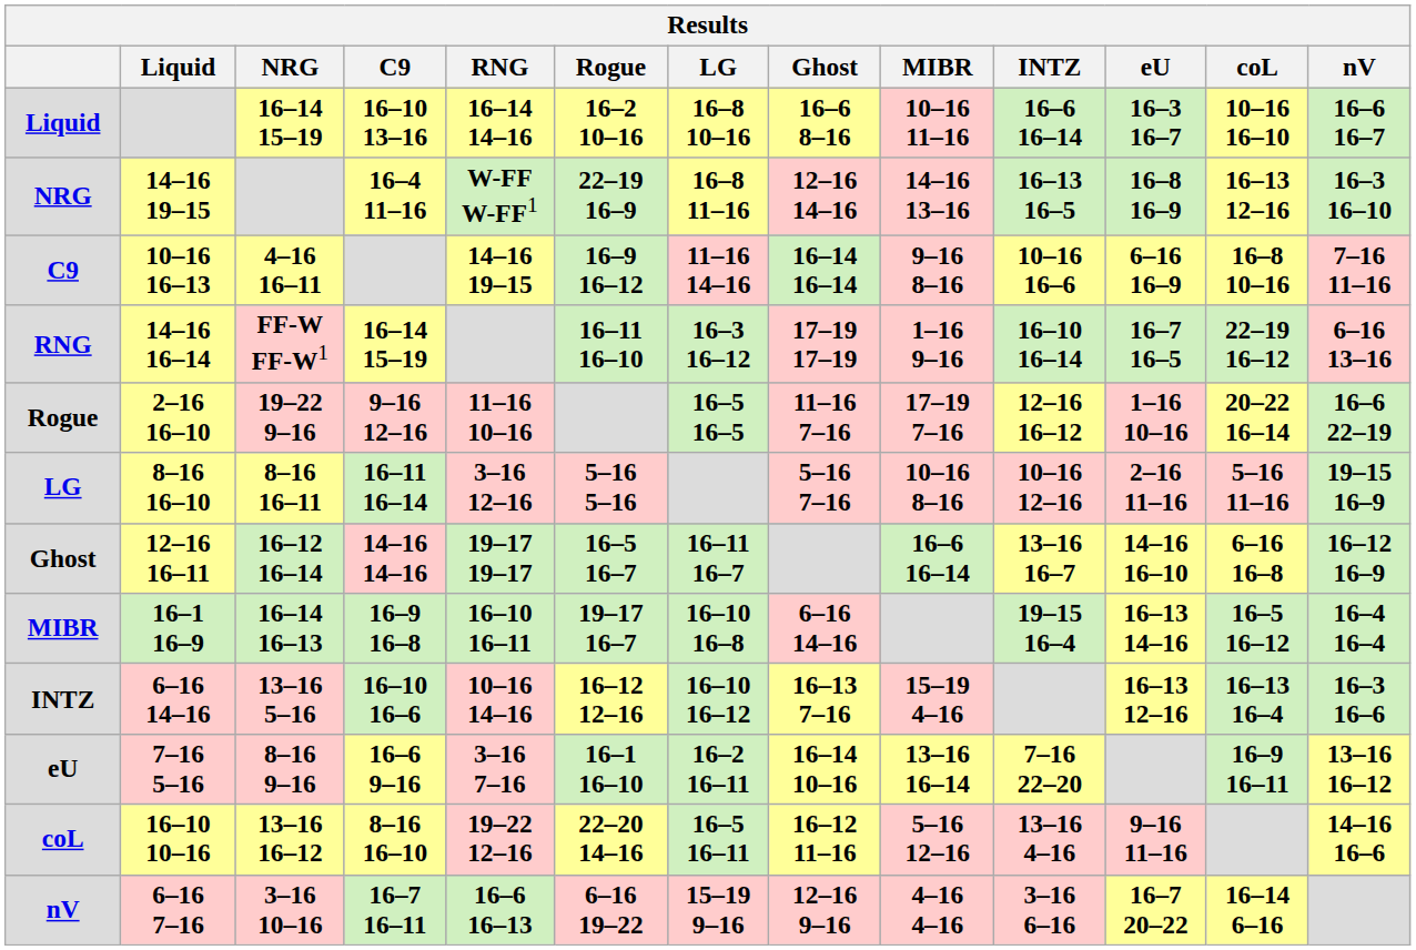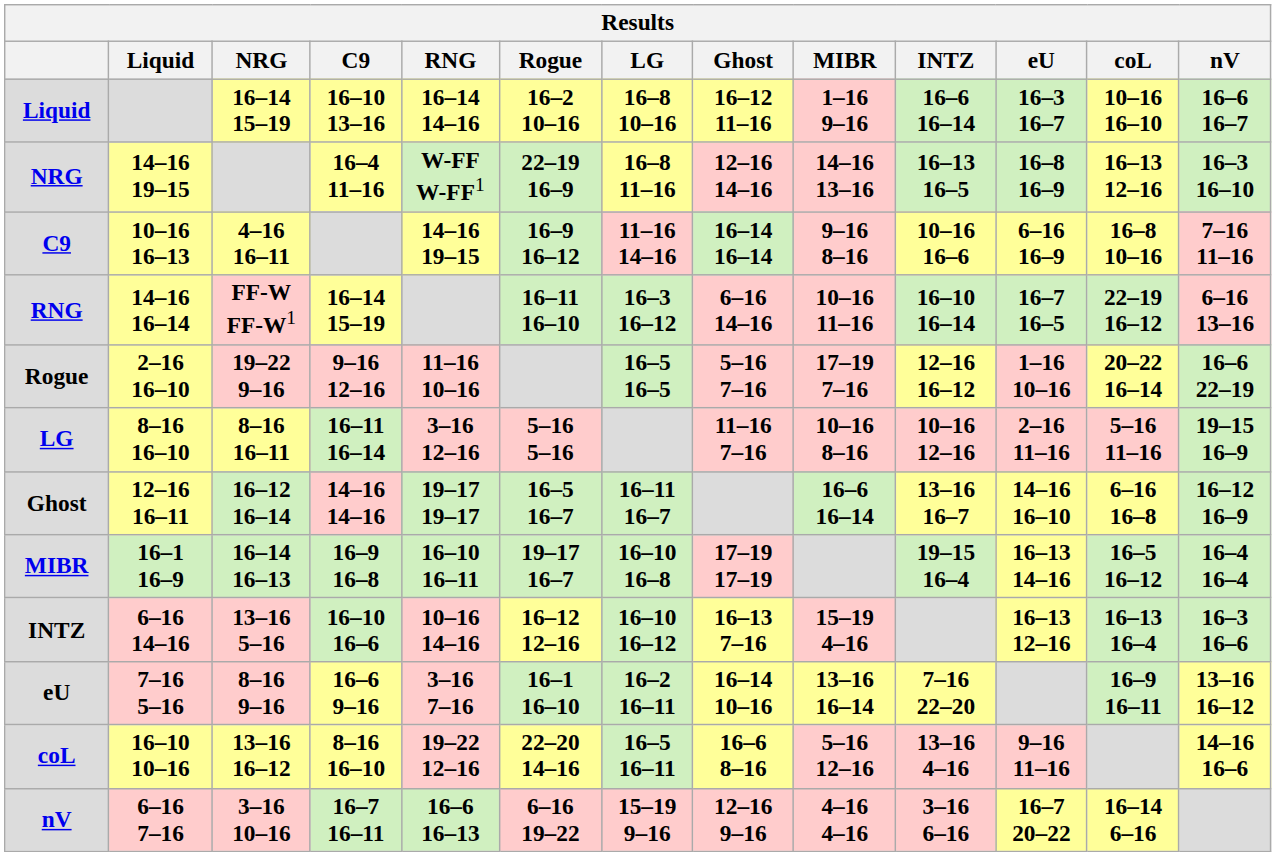 <table class="wikitable" style="text-align: center;">
 <tr>
 <th colspan=15>Results</th>
 </tr>
 <tr>
 <th width="75px"></th>
 <th width="75px">Liquid</th>
 <th width="75px">NRG</th>
 <th width="75px">C9</th>
 <th width="75px">RNG</th>
 <th width="75px">Rogue</th>
 <th width="75px">LG</th>
 <th width="75px">Ghost</th>
 <th width="75px">MIBR</th>
 <th width="75px">INTZ</th>
 <th width="75px">eU</th>
 <th width="75px">coL</th>
 <th width="75px">nV</th>
 </tr>
 <tr>
 <td style="background: #DCDCDC;"><strong><a href='#'>Liquid</a></strong></td>
 <td style="background: #DCDCDC;"></td>
 <td style="background: #FFFF99;"><strong>16–14<br>15–19</strong></td>
 <td style="background: #FFFF99;"><strong>16–10<br>13–16</strong></td>
 <td style="background: #FFFF99;"><strong>16–14<br>14–16</strong></td>
 <td style="background: #FFFF99;"><strong>16–2<br>10–16</strong></td>
 <td style="background: #FFFF99;"><strong>16–8<br>10–16</strong></td>
-<td style="background: #FFFF99;"><strong>16–6<br>8–16</strong></td>
-<td style="background: #FFCCCC;"><strong>10–16<br>11–16</strong></td>
+<td style="background: #FFFF99;"><strong>16–12<br>11–16</strong></td>
+<td style="background: #FFCCCC;"><strong>1–16<br>9–16</strong></td>
 <td style="background: #D0F0C0;"><strong>16–6<br>16–14</strong></td>
 <td style="background: #D0F0C0;"><strong>16–3<br>16–7</strong></td>
 <td style="background: #FFFF99;"><strong>10–16<br>16–10</strong></td>
 <td style="background: #D0F0C0;"><strong>16–6<br>16–7</strong></td>
 </tr>
 <tr>
 <td style="background: #DCDCDC;"><strong><a href='#'>NRG</a></strong></td>
 <td style="background: #FFFF99;"><strong>14–16<br>19–15</strong></td>
 <td style="background: #DCDCDC;"></td>
 <td style="background: #FFFF99;"><strong>16–4<br>11–16</strong></td>
 <td style="background: #D0F0C0;"><strong>W-FF<br>W-FF</strong><sup>1</sup></td>
 <td style="background: #D0F0C0;"><strong>22–19<br>16–9</strong></td>
 <td style="background: #FFFF99;"><strong>16–8<br>11–16</strong></td>
 <td style="background: #FFCCCC;"><strong>12–16<br>14–16</strong></td>
 <td style="background: #FFCCCC;"><strong>14–16<br>13–16</strong></td>
 <td style="background: #D0F0C0;"><strong>16–13<br>16–5</strong></td>
 <td style="background: #D0F0C0;"><strong>16–8<br>16–9</strong></td>
 <td style="background: #FFFF99;"><strong>16–13<br>12–16</strong></td>
 <td style="background: #D0F0C0;"><strong>16–3<br>16–10</strong></td>
 </tr>
 <tr>
 <td style="background: #DCDCDC;"><strong><a href='#'>C9</a></strong></td>
 <td style="background: #FFFF99;"><strong>10–16<br>16–13</strong></td>
 <td style="background: #FFFF99;"><strong>4–16<br>16–11</strong></td>
 <td style="background: #DCDCDC;"></td>
 <td style="background: #FFFF99;"><strong>14–16<br>19–15</strong></td>
 <td style="background: #D0F0C0;"><strong>16–9<br>16–12</strong></td>
 <td style="background: #FFCCCC;"><strong>11–16<br>14–16</strong></td>
 <td style="background: #D0F0C0;"><strong>16–14<br>16–14</strong></td>
 <td style="background: #FFCCCC;"><strong>9–16<br>8–16</strong></td>
 <td style="background: #FFFF99;"><strong>10–16<br>16–6</strong></td>
 <td style="background: #FFFF99;"><strong>6–16<br>16–9</strong></td>
 <td style="background: #FFFF99;"><strong>16–8<br>10–16</strong></td>
 <td style="background: #FFCCCC;"><strong>7–16<br>11–16</strong></td>
 </tr>
 <tr>
 <td style="background: #DCDCDC;"><strong><a href='#'>RNG</a></strong></td>
 <td style="background: #FFFF99;"><strong>14–16<br>16–14</strong></td>
 <td style="background: #FFCCCC;"><strong>FF-W<br>FF-W</strong><sup>1</sup></td>
 <td style="background: #FFFF99;"><strong>16–14<br>15–19</strong></td>
 <td style="background: #DCDCDC;"></td>
 <td style="background: #D0F0C0;"><strong>16–11<br>16–10</strong></td>
 <td style="background: #D0F0C0;"><strong>16–3<br>16–12</strong></td>
-<td style="background: #FFCCCC;"><strong>17–19<br>17–19</strong></td>
-<td style="background: #FFCCCC;"><strong>1–16<br>9–16</strong></td>
+<td style="background: #FFCCCC;"><strong>6–16<br>14–16</strong></td>
+<td style="background: #FFCCCC;"><strong>10–16<br>11–16</strong></td>
 <td style="background: #D0F0C0;"><strong>16–10<br>16–14</strong></td>
 <td style="background: #D0F0C0;"><strong>16–7<br>16–5</strong></td>
 <td style="background: #D0F0C0;"><strong>22–19<br>16–12</strong></td>
 <td style="background: #FFCCCC;"><strong>6–16<br>13–16</strong></td>
 </tr>
 <tr>
 <td style="background: #DCDCDC;"><strong>Rogue</strong></td>
 <td style="background: #FFFF99;"><strong>2–16<br>16–10</strong></td>
 <td style="background: #FFCCCC;"><strong>19–22<br>9–16</strong></td>
 <td style="background: #FFCCCC;"><strong>9–16<br>12–16</strong></td>
 <td style="background: #FFCCCC;"><strong>11–16<br>10–16</strong></td>
 <td style="background: #DCDCDC;"></td>
 <td style="background: #D0F0C0;"><strong>16–5<br>16–5</strong></td>
-<td style="background: #FFCCCC;"><strong>11–16<br>7–16</strong></td>
+<td style="background: #FFCCCC;"><strong>5–16<br>7–16</strong></td>
 <td style="background: #FFCCCC;"><strong>17–19<br>7–16</strong></td>
 <td style="background: #FFFF99;"><strong>12–16<br>16–12</strong></td>
 <td style="background: #FFCCCC;"><strong>1–16<br>10–16</strong></td>
 <td style="background: #FFFF99;"><strong>20–22<br>16–14</strong></td>
 <td style="background: #D0F0C0;"><strong>16–6<br>22–19</strong></td>
 </tr>
 <tr>
 <td style="background: #DCDCDC;"><strong><a href='#'>LG</a></strong></td>
 <td style="background: #FFFF99;"><strong>8–16<br>16–10</strong></td>
 <td style="background: #FFFF99;"><strong>8–16<br>16–11</strong></td>
 <td style="background: #D0F0C0;"><strong>16–11<br>16–14</strong></td>
 <td style="background: #FFCCCC;"><strong>3–16<br>12–16</strong></td>
 <td style="background: #FFCCCC;"><strong>5–16<br>5–16</strong></td>
 <td style="background: #DCDCDC;"></td>
-<td style="background: #FFCCCC;"><strong>5–16<br>7–16</strong></td>
+<td style="background: #FFCCCC;"><strong>11–16<br>7–16</strong></td>
 <td style="background: #FFCCCC;"><strong>10–16<br>8–16</strong></td>
 <td style="background: #FFCCCC;"><strong>10–16<br>12–16</strong></td>
 <td style="background: #FFCCCC;"><strong>2–16<br>11–16</strong></td>
 <td style="background: #FFCCCC;"><strong>5–16<br>11–16</strong></td>
 <td style="background: #D0F0C0;"><strong>19–15<br>16–9</strong></td>
 </tr>
 <tr>
 <td style="background: #DCDCDC;"><strong>Ghost</strong></td>
 <td style="background: #FFFF99;"><strong>12–16<br>16–11</strong></td>
 <td style="background: #D0F0C0;"><strong>16–12<br>16–14</strong></td>
 <td style="background: #FFCCCC;"><strong>14–16<br>14–16</strong></td>
 <td style="background: #D0F0C0;"><strong>19–17<br>19–17</strong></td>
 <td style="background: #D0F0C0;"><strong>16–5<br>16–7</strong></td>
 <td style="background: #D0F0C0;"><strong>16–11<br>16–7</strong></td>
 <td style="background: #DCDCDC;"></td>
 <td style="background: #D0F0C0;"><strong>16–6<br>16–14</strong></td>
 <td style="background: #FFFF99;"><strong>13–16<br>16–7</strong></td>
 <td style="background: #FFFF99;"><strong>14–16<br>16–10</strong></td>
 <td style="background: #FFFF99;"><strong>6–16<br>16–8</strong></td>
 <td style="background: #D0F0C0;"><strong>16–12<br>16–9</strong></td>
 </tr>
 <tr>
 <td style="background: #DCDCDC;"><strong><a href='#'>MIBR</a></strong></td>
 <td style="background: #D0F0C0;"><strong>16–1<br>16–9</strong></td>
 <td style="background: #D0F0C0;"><strong>16–14<br>16–13</strong></td>
 <td style="background: #D0F0C0;"><strong>16–9<br>16–8</strong></td>
 <td style="background: #D0F0C0;"><strong>16–10<br>16–11</strong></td>
 <td style="background: #D0F0C0;"><strong>19–17<br>16–7</strong></td>
 <td style="background: #D0F0C0;"><strong>16–10<br>16–8</strong></td>
-<td style="background: #FFCCCC;"><strong>6–16<br>14–16</strong></td>
+<td style="background: #FFCCCC;"><strong>17–19<br>17–19</strong></td>
 <td style="background: #DCDCDC;"></td>
 <td style="background: #D0F0C0;"><strong>19–15<br>16–4</strong></td>
 <td style="background: #FFFF99;"><strong>16–13<br>14–16</strong></td>
 <td style="background: #D0F0C0;"><strong>16–5<br>16–12</strong></td>
 <td style="background: #D0F0C0;"><strong>16–4<br>16–4</strong></td>
 </tr>
 <tr>
 <td style="background: #DCDCDC;"><strong>INTZ</strong></td>
 <td style="background: #FFCCCC;"><strong>6–16<br>14–16</strong></td>
 <td style="background: #FFCCCC;"><strong>13–16<br>5–16</strong></td>
 <td style="background: #D0F0C0;"><strong>16–10<br>16–6</strong></td>
 <td style="background: #FFCCCC;"><strong>10–16<br>14–16</strong></td>
 <td style="background: #FFFF99;"><strong>16–12<br>12–16</strong></td>
 <td style="background: #D0F0C0;"><strong>16–10<br>16–12</strong></td>
 <td style="background: #FFFF99;"><strong>16–13<br>7–16</strong></td>
 <td style="background: #FFCCCC;"><strong>15–19<br>4–16</strong></td>
 <td style="background: #DCDCDC;"></td>
 <td style="background: #FFFF99;"><strong>16–13<br>12–16</strong></td>
 <td style="background: #D0F0C0;"><strong>16–13<br>16–4</strong></td>
 <td style="background: #D0F0C0;"><strong>16–3<br>16–6</strong></td>
 </tr>
 <tr>
 <td style="background: #DCDCDC;"><strong>eU</strong></td>
 <td style="background: #FFCCCC;"><strong>7–16<br>5–16</strong></td>
 <td style="background: #FFCCCC;"><strong>8–16<br>9–16</strong></td>
 <td style="background: #FFFF99;"><strong>16–6<br>9–16</strong></td>
 <td style="background: #FFCCCC;"><strong>3–16<br>7–16</strong></td>
 <td style="background: #D0F0C0;"><strong>16–1<br>16–10</strong></td>
 <td style="background: #D0F0C0;"><strong>16–2<br>16–11</strong></td>
 <td style="background: #FFFF99;"><strong>16–14<br>10–16</strong></td>
 <td style="background: #FFFF99;"><strong>13–16<br>16–14</strong></td>
 <td style="background: #FFFF99;"><strong>7–16<br>22–20</strong></td>
 <td style="background: #DCDCDC;"></td>
 <td style="background: #D0F0C0;"><strong>16–9<br>16–11</strong></td>
 <td style="background: #FFFF99;"><strong>13–16<br>16–12</strong></td>
 </tr>
 <tr>
 <td style="background: #DCDCDC;"><strong><a href='#'>coL</a></strong></td>
 <td style="background: #FFFF99;"><strong>16–10<br>10–16</strong></td>
 <td style="background: #FFFF99;"><strong>13–16<br>16–12</strong></td>
 <td style="background: #FFFF99;"><strong>8–16<br>16–10</strong></td>
 <td style="background: #FFCCCC;"><strong>19–22<br>12–16</strong></td>
 <td style="background: #FFFF99;"><strong>22–20<br>14–16</strong></td>
 <td style="background: #D0F0C0;"><strong>16–5<br>16–11</strong></td>
-<td style="background: #FFFF99;"><strong>16–12<br>11–16</strong></td>
+<td style="background: #FFFF99;"><strong>16–6<br>8–16</strong></td>
 <td style="background: #FFCCCC;"><strong>5–16<br>12–16</strong></td>
 <td style="background: #FFCCCC;"><strong>13–16<br>4–16</strong></td>
 <td style="background: #FFCCCC;"><strong>9–16<br>11–16</strong></td>
 <td style="background: #DCDCDC;"></td>
 <td style="background: #FFFF99;"><strong>14–16<br>16–6</strong></td>
 </tr>
 <tr>
 <td style="background: #DCDCDC;"><strong><a href='#'>nV</a></strong></td>
 <td style="background: #FFCCCC;"><strong>6–16<br>7–16</strong></td>
 <td style="background: #FFCCCC;"><strong>3–16<br>10–16</strong></td>
 <td style="background: #D0F0C0;"><strong>16–7<br>16–11</strong></td>
 <td style="background: #D0F0C0;"><strong>16–6<br>16–13</strong></td>
 <td style="background: #FFCCCC;"><strong>6–16<br>19–22</strong></td>
 <td style="background: #FFCCCC;"><strong>15–19<br>9–16</strong></td>
 <td style="background: #FFCCCC;"><strong>12–16<br>9–16</strong></td>
 <td style="background: #FFCCCC;"><strong>4–16<br>4–16</strong></td>
 <td style="background: #FFCCCC;"><strong>3–16<br>6–16</strong></td>
 <td style="background: #FFFF99;"><strong>16–7<br>20–22</strong></td>
 <td style="background: #FFFF99;"><strong>16–14<br>6–16</strong></td>
 <td style="background: #DCDCDC;"></td>
 </tr>
 </table>
